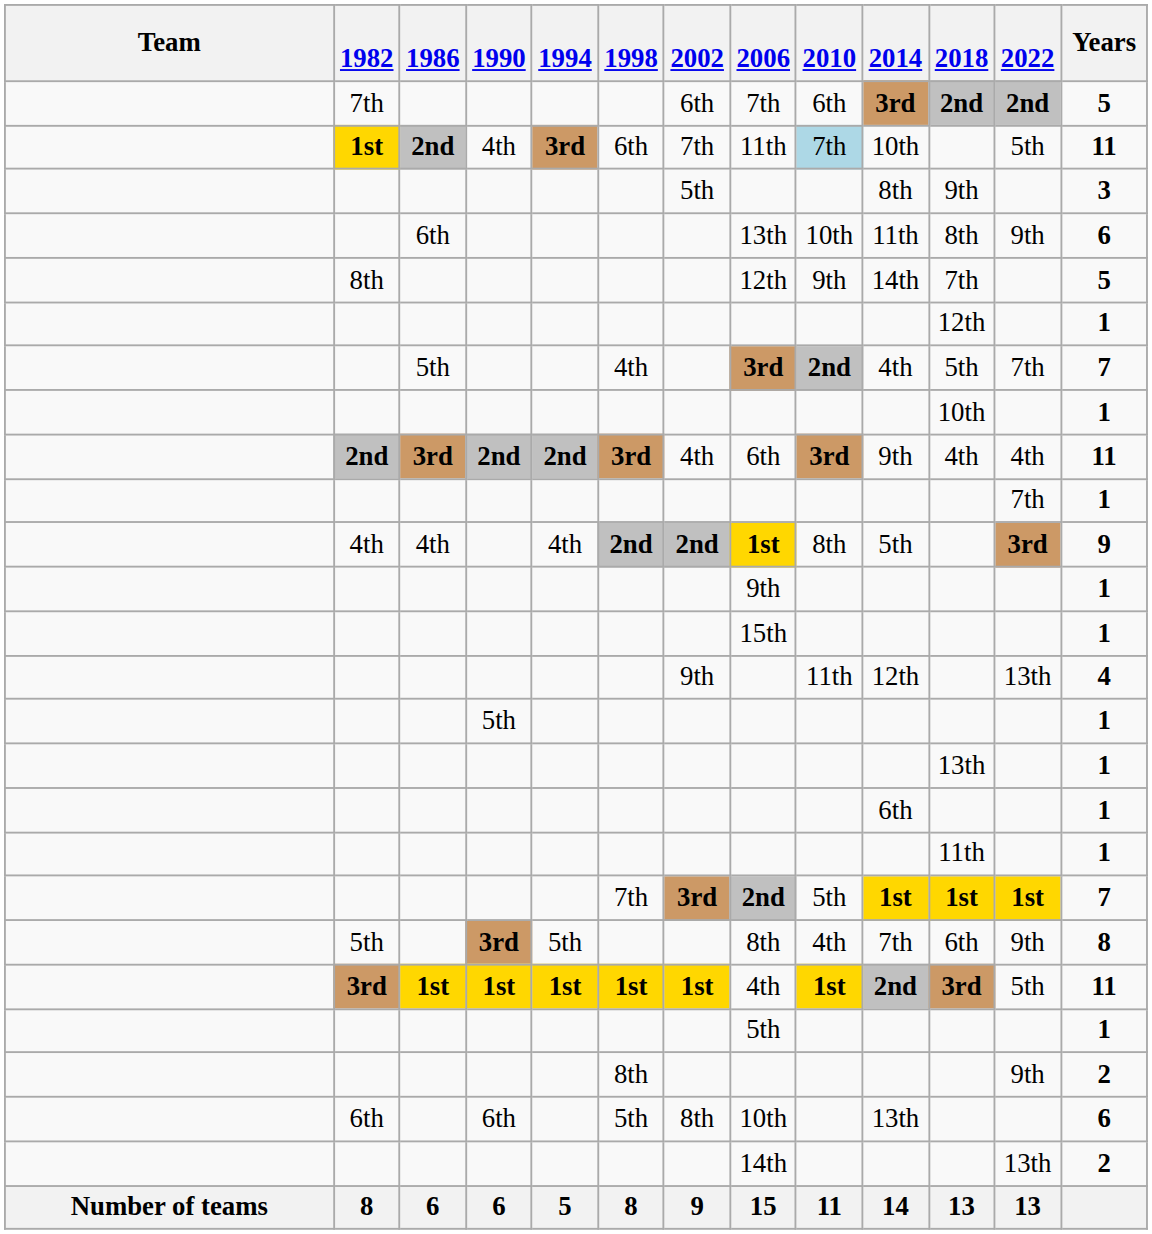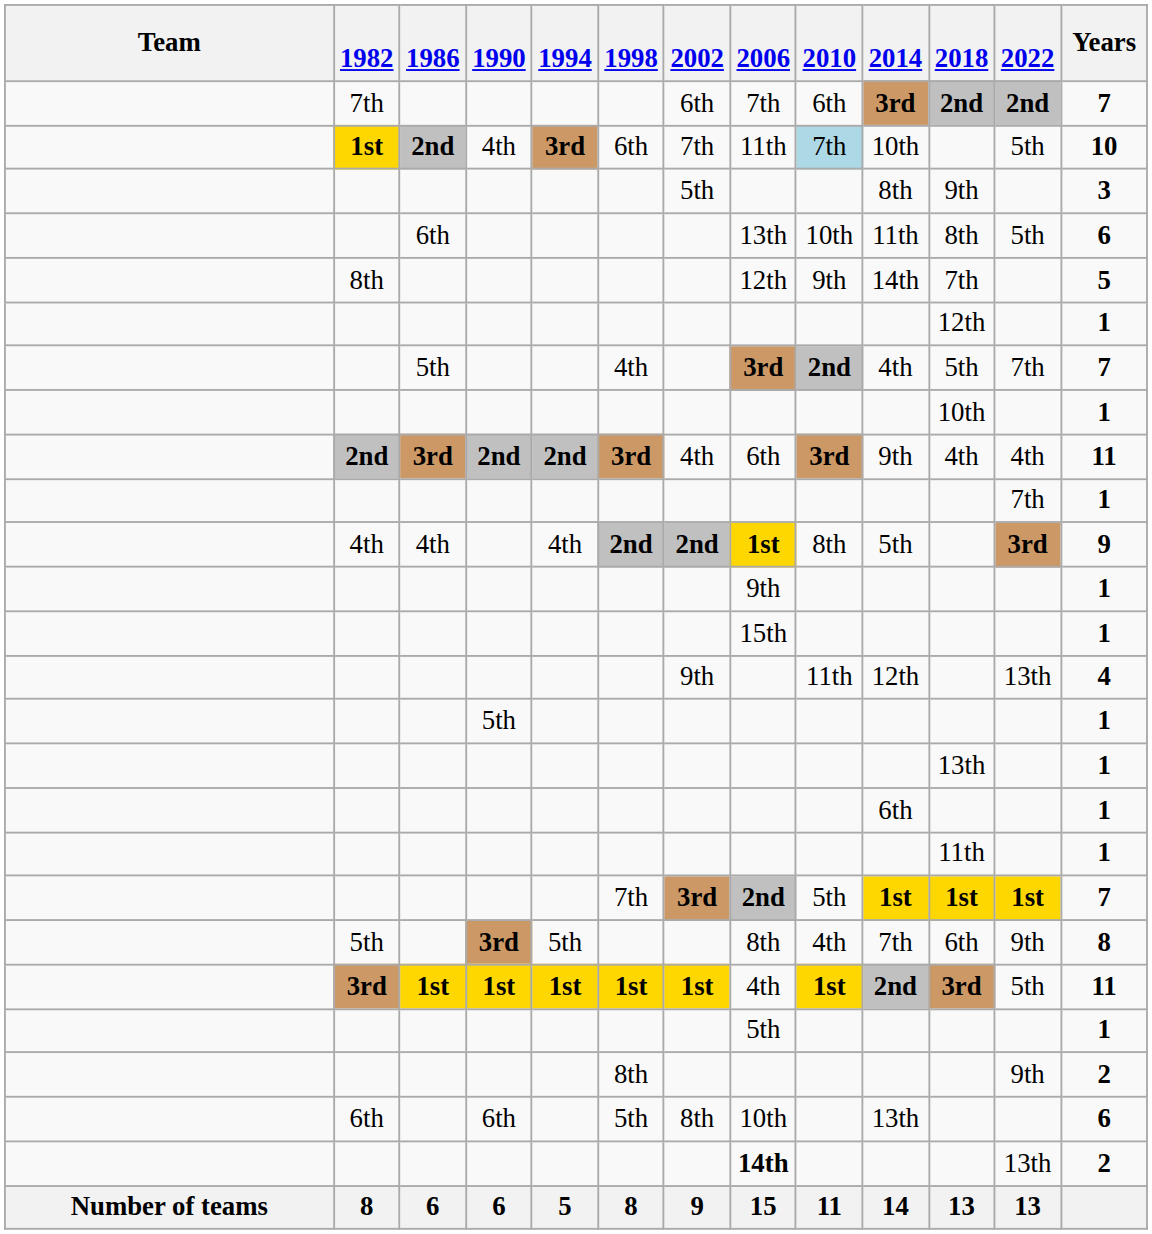 <table class="wikitable" style="text-align:center; font-size:90%">
 <tr>
 <th width=170>Team</th>
 <th width=25><br><a href='#'>1982</a></th>
 <th width=25><br><a href='#'>1986</a></th>
 <th width=25><br><a href='#'>1990</a></th>
 <th width=25><br><a href='#'>1994</a></th>
 <th width=25><br><a href='#'>1998</a></th>
 <th width=25><br><a href='#'>2002</a></th>
 <th width=25><br><a href='#'>2006</a></th>
 <th width=25><br><a href='#'>2010</a></th>
 <th width=25><br><a href='#'>2014</a></th>
 <th width=25><br><a href='#'>2018</a></th>
 <th width=25><br><a href='#'>2022</a></th>
 <th width=40>Years</th>
 </tr>
 <tr>
 <td align=left></td>
 <td>7th</td>
 <td></td>
 <td></td>
 <td></td>
 <td></td>
 <td>6th</td>
 <td>7th</td>
 <td>6th</td>
 <td bgcolor=cc9966><strong>3rd</strong></td>
 <td bgcolor=silver><strong>2nd</strong></td>
 <td bgcolor=silver><strong>2nd</strong></td>
-<td><strong>5</strong></td>
+<td><strong>7</strong></td>
 </tr>
 <tr>
 <td align=left></td>
 <td bgcolor=gold><strong>1st</strong></td>
 <td bgcolor=silver><strong>2nd</strong></td>
 <td>4th</td>
 <td bgcolor=cc9966><strong>3rd</strong></td>
 <td>6th</td>
 <td>7th</td>
 <td>11th</td>
 <td style="background: lightblue;">7th</td>
 <td>10th</td>
 <td></td>
 <td>5th</td>
-<td><strong>11</strong></td>
+<td><strong>10</strong></td>
 </tr>
 <tr>
 <td align=left></td>
 <td></td>
 <td></td>
 <td></td>
 <td></td>
 <td></td>
 <td>5th</td>
 <td></td>
 <td></td>
 <td>8th</td>
 <td>9th</td>
 <td></td>
 <td><strong>3</strong></td>
 </tr>
 <tr>
 <td align=left></td>
 <td></td>
 <td>6th</td>
 <td></td>
 <td></td>
 <td></td>
 <td></td>
 <td>13th</td>
 <td>10th</td>
 <td>11th</td>
 <td>8th</td>
-<td>9th</td>
+<td>5th</td>
 <td><strong>6</strong></td>
 </tr>
 <tr>
 <td align=left></td>
 <td>8th</td>
 <td></td>
 <td></td>
 <td></td>
 <td></td>
 <td></td>
 <td>12th</td>
 <td>9th</td>
 <td>14th</td>
 <td>7th</td>
 <td></td>
 <td><strong>5</strong></td>
 </tr>
 <tr>
 <td align=left></td>
 <td></td>
 <td></td>
 <td></td>
 <td></td>
 <td></td>
 <td></td>
 <td></td>
 <td></td>
 <td></td>
 <td>12th</td>
 <td></td>
 <td><strong>1</strong></td>
 </tr>
 <tr>
 <td align=left></td>
 <td></td>
 <td>5th</td>
 <td></td>
 <td></td>
 <td>4th</td>
 <td></td>
 <td bgcolor=cc9966><strong>3rd</strong></td>
 <td bgcolor=silver><strong>2nd</strong></td>
 <td>4th</td>
 <td>5th</td>
 <td>7th</td>
 <td><strong>7</strong></td>
 </tr>
 <tr>
 <td align=left></td>
 <td></td>
 <td></td>
 <td></td>
 <td></td>
 <td></td>
 <td></td>
 <td></td>
 <td></td>
 <td></td>
 <td>10th</td>
 <td></td>
 <td><strong>1</strong></td>
 </tr>
 <tr>
 <td align=left></td>
 <td bgcolor=silver><strong>2nd</strong></td>
 <td bgcolor=cc9966><strong>3rd</strong></td>
 <td bgcolor=silver><strong>2nd</strong></td>
 <td bgcolor=silver><strong>2nd</strong></td>
 <td bgcolor=cc9966><strong>3rd</strong></td>
 <td>4th</td>
 <td>6th</td>
 <td bgcolor=cc9966><strong>3rd</strong></td>
 <td>9th</td>
 <td>4th</td>
 <td>4th</td>
 <td><strong>11</strong></td>
 </tr>
 <tr>
 <td align=left></td>
 <td></td>
 <td></td>
 <td></td>
 <td></td>
 <td></td>
 <td></td>
 <td></td>
 <td></td>
 <td></td>
 <td></td>
 <td>7th</td>
 <td><strong>1</strong></td>
 </tr>
 <tr>
 <td align=left></td>
 <td>4th</td>
 <td>4th</td>
 <td></td>
 <td>4th</td>
 <td bgcolor=silver><strong>2nd</strong></td>
 <td bgcolor=silver><strong>2nd</strong></td>
 <td bgcolor=gold><strong>1st</strong></td>
 <td>8th</td>
 <td>5th</td>
 <td></td>
 <td bgcolor=cc9966><strong>3rd</strong></td>
 <td><strong>9</strong></td>
 </tr>
 <tr>
 <td align=left></td>
 <td></td>
 <td></td>
 <td></td>
 <td></td>
 <td></td>
 <td></td>
 <td>9th</td>
 <td></td>
 <td></td>
 <td></td>
 <td></td>
 <td><strong>1</strong></td>
 </tr>
 <tr>
 <td align=left></td>
 <td></td>
 <td></td>
 <td></td>
 <td></td>
 <td></td>
 <td></td>
 <td>15th</td>
 <td></td>
 <td></td>
 <td></td>
 <td></td>
 <td><strong>1</strong></td>
 </tr>
 <tr>
 <td align=left></td>
 <td></td>
 <td></td>
 <td></td>
 <td></td>
 <td></td>
 <td>9th</td>
 <td></td>
 <td>11th</td>
 <td>12th</td>
 <td></td>
 <td>13th</td>
 <td><strong>4</strong></td>
 </tr>
 <tr>
 <td align=left></td>
 <td></td>
 <td></td>
 <td>5th</td>
 <td></td>
 <td></td>
 <td></td>
 <td></td>
 <td></td>
 <td></td>
 <td></td>
 <td></td>
 <td><strong>1</strong></td>
 </tr>
 <tr>
 <td align=left></td>
 <td></td>
 <td></td>
 <td></td>
 <td></td>
 <td></td>
 <td></td>
 <td></td>
 <td></td>
 <td></td>
 <td>13th</td>
 <td></td>
 <td><strong>1</strong></td>
 </tr>
 <tr>
 <td align=left></td>
 <td></td>
 <td></td>
 <td></td>
 <td></td>
 <td></td>
 <td></td>
 <td></td>
 <td></td>
 <td>6th</td>
 <td></td>
 <td></td>
 <td><strong>1</strong></td>
 </tr>
 <tr>
 <td align=left></td>
 <td></td>
 <td></td>
 <td></td>
 <td></td>
 <td></td>
 <td></td>
 <td></td>
 <td></td>
 <td></td>
 <td>11th</td>
 <td></td>
 <td><strong>1</strong></td>
 </tr>
 <tr>
 <td align=left></td>
 <td></td>
 <td></td>
 <td></td>
 <td></td>
 <td>7th</td>
 <td bgcolor=cc9966><strong>3rd</strong></td>
 <td bgcolor=silver><strong>2nd</strong></td>
 <td>5th</td>
 <td bgcolor=gold><strong>1st</strong></td>
 <td bgcolor=gold><strong>1st</strong></td>
 <td bgcolor=gold><strong>1st</strong></td>
 <td><strong>7</strong></td>
 </tr>
 <tr>
 <td align=left></td>
 <td>5th</td>
 <td></td>
 <td bgcolor=cc9966><strong>3rd</strong></td>
 <td>5th</td>
 <td></td>
 <td></td>
 <td>8th</td>
 <td>4th</td>
 <td>7th</td>
 <td>6th</td>
 <td>9th</td>
 <td><strong>8</strong></td>
 </tr>
 <tr>
 <td align=left></td>
 <td bgcolor=cc9966><strong>3rd</strong></td>
 <td bgcolor=gold><strong>1st</strong></td>
 <td bgcolor=gold><strong>1st</strong></td>
 <td bgcolor=gold><strong>1st</strong></td>
 <td bgcolor=gold><strong>1st</strong></td>
 <td bgcolor=gold><strong>1st</strong></td>
 <td>4th</td>
 <td bgcolor=gold><strong>1st</strong></td>
 <td bgcolor=silver><strong>2nd</strong></td>
 <td bgcolor=cc9966><strong>3rd</strong></td>
 <td>5th</td>
 <td><strong>11</strong></td>
 </tr>
 <tr>
 <td align=left></td>
 <td></td>
 <td></td>
 <td></td>
 <td></td>
 <td></td>
 <td></td>
 <td>5th</td>
 <td></td>
 <td></td>
 <td></td>
 <td></td>
 <td><strong>1</strong></td>
 </tr>
 <tr>
 <td align=left></td>
 <td></td>
 <td></td>
 <td></td>
 <td></td>
 <td>8th</td>
 <td></td>
 <td></td>
 <td></td>
 <td></td>
 <td></td>
 <td>9th</td>
 <td><strong>2</strong></td>
 </tr>
 <tr>
 <td align=left></td>
 <td>6th</td>
 <td></td>
 <td>6th</td>
 <td></td>
 <td>5th</td>
 <td>8th</td>
 <td>10th</td>
 <td></td>
 <td>13th</td>
 <td></td>
 <td></td>
 <td><strong>6</strong></td>
 </tr>
 <tr>
 <td align=left></td>
 <td></td>
 <td></td>
 <td></td>
 <td></td>
 <td></td>
 <td></td>
-<td>14th</td>
+<td><strong>14th</strong></td>
 <td></td>
 <td></td>
 <td></td>
 <td>13th</td>
 <td><strong>2</strong></td>
 </tr>
 <tr>
 <th>Number of teams</th>
 <th>8</th>
 <th>6</th>
 <th>6</th>
 <th>5</th>
 <th>8</th>
 <th>9</th>
 <th>15</th>
 <th>11</th>
 <th>14</th>
 <th>13</th>
 <th>13</th>
 <th></th>
 </tr>
 </table>
